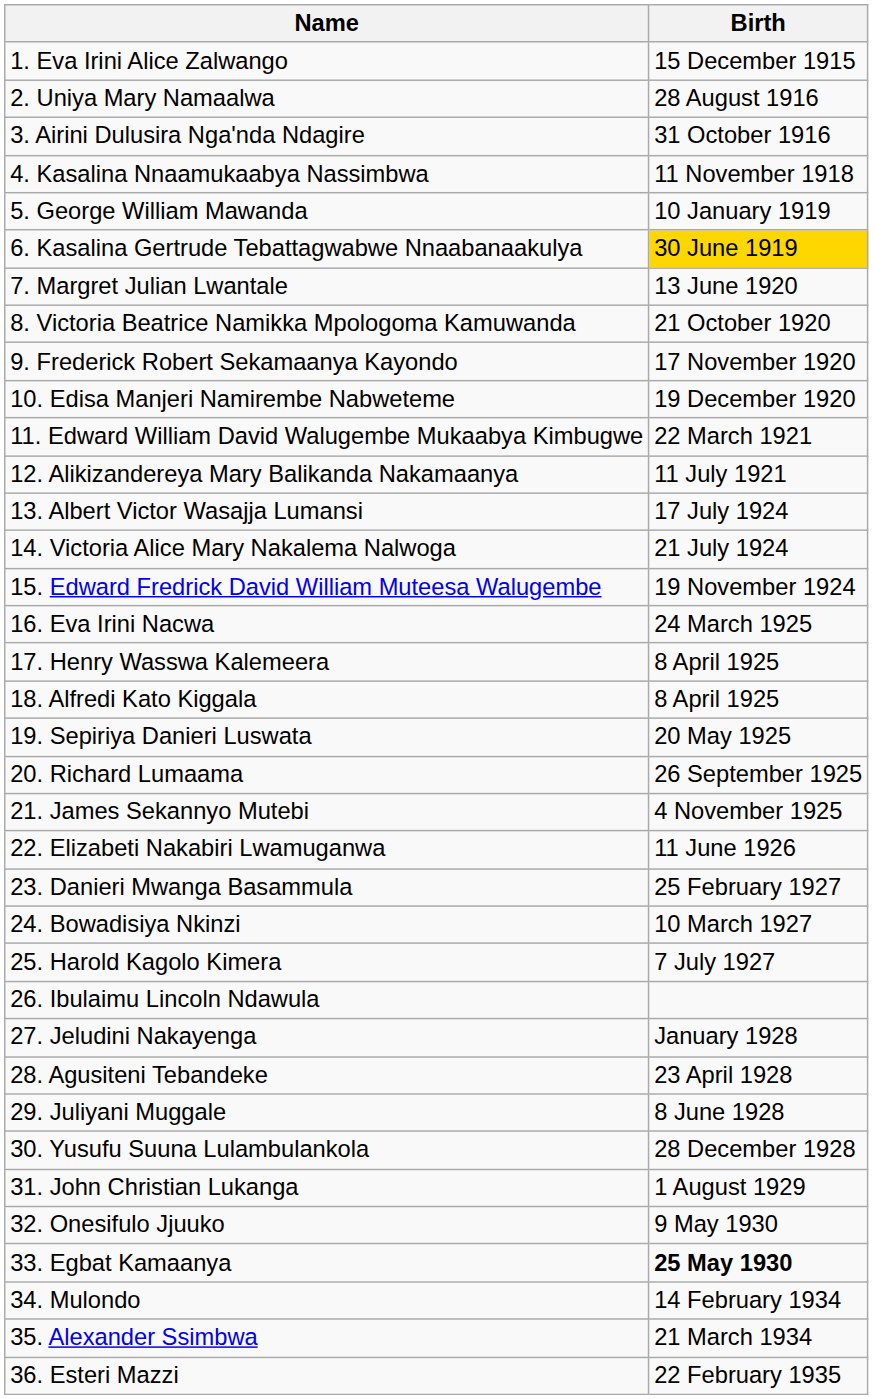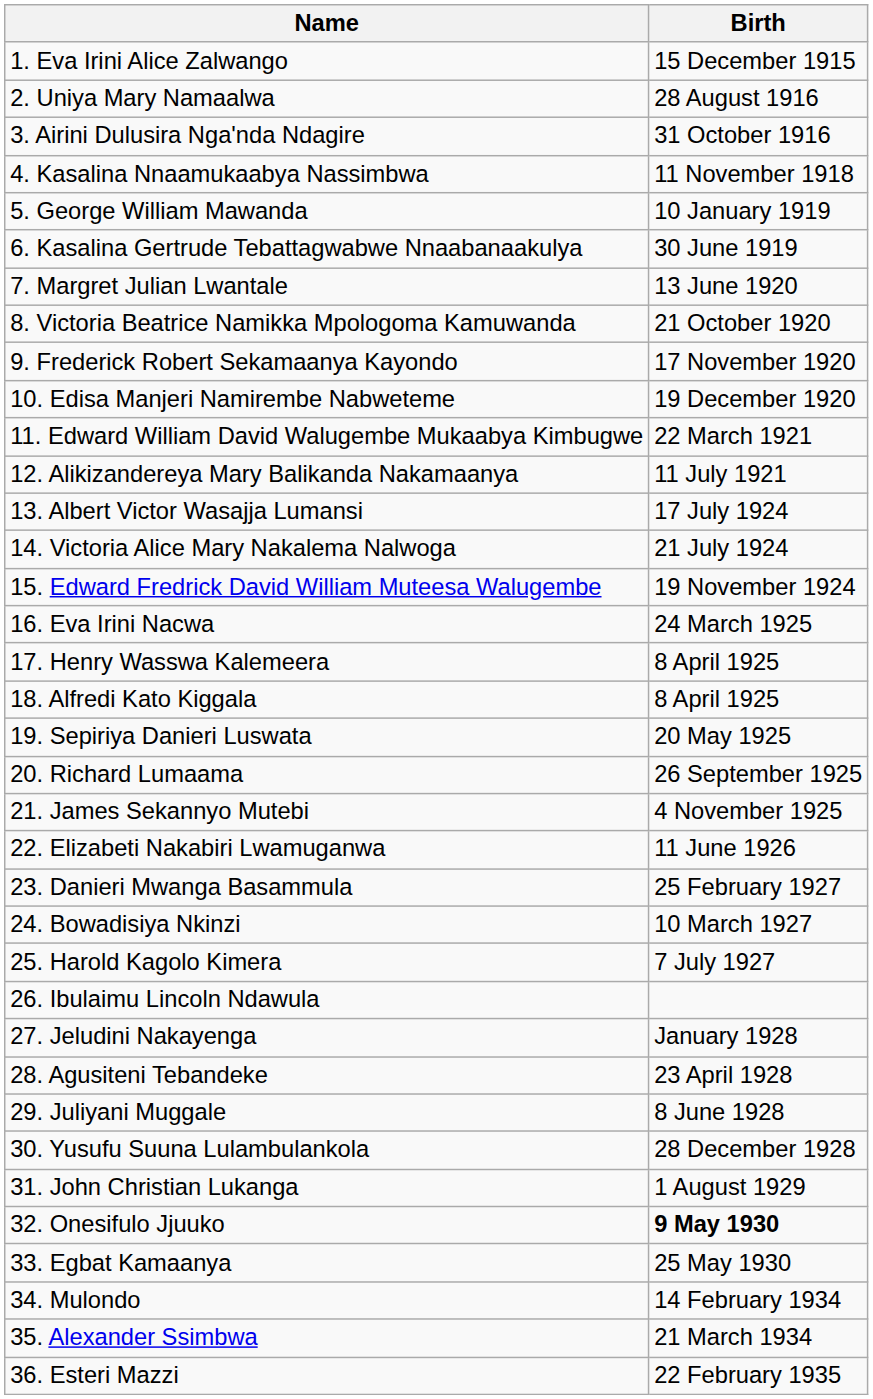 <table class="wikitable">
 <tr>
 <th>Name</th>
 <th>Birth</th>
 </tr>
 <tr>
 <td>1. Eva Irini Alice Zalwango</td>
 <td>15 December 1915</td>
 </tr>
 <tr>
 <td>2. Uniya Mary Namaalwa</td>
 <td>28 August 1916</td>
 </tr>
 <tr>
 <td>3. Airini Dulusira Nga'nda Ndagire</td>
 <td>31 October 1916</td>
 </tr>
 <tr>
 <td>4. Kasalina Nnaamukaabya Nassimbwa</td>
 <td>11 November 1918</td>
 </tr>
 <tr>
 <td>5. George William Mawanda</td>
 <td>10 January 1919</td>
 </tr>
 <tr>
 <td>6. Kasalina Gertrude Tebattagwabwe Nnaabanaakulya</td>
-<td style="background: gold;">30 June 1919</td>
+<td>30 June 1919</td>
 </tr>
 <tr>
 <td>7. Margret Julian Lwantale</td>
 <td>13 June 1920</td>
 </tr>
 <tr>
 <td>8. Victoria Beatrice Namikka Mpologoma Kamuwanda</td>
 <td>21 October 1920</td>
 </tr>
 <tr>
 <td>9. Frederick Robert Sekamaanya Kayondo</td>
 <td>17 November 1920</td>
 </tr>
 <tr>
 <td>10. Edisa Manjeri Namirembe Nabweteme</td>
 <td>19 December 1920</td>
 </tr>
 <tr>
 <td>11.  Edward William David Walugembe Mukaabya Kimbugwe</td>
 <td>22 March 1921</td>
 </tr>
 <tr>
 <td>12.  Alikizandereya Mary Balikanda Nakamaanya</td>
 <td>11 July 1921</td>
 </tr>
 <tr>
 <td>13. Albert Victor Wasajja Lumansi</td>
 <td>17 July 1924</td>
 </tr>
 <tr>
 <td>14. Victoria Alice Mary Nakalema Nalwoga</td>
 <td>21 July 1924</td>
 </tr>
 <tr>
 <td>15. <a href='#'>Edward Fredrick David William Muteesa Walugembe</a></td>
 <td>19 November 1924</td>
 </tr>
 <tr>
 <td>16. Eva Irini Nacwa</td>
 <td>24 March 1925</td>
 </tr>
 <tr>
 <td>17. Henry Wasswa Kalemeera</td>
 <td>8 April 1925</td>
 </tr>
 <tr>
 <td>18. Alfredi Kato Kiggala</td>
 <td>8 April 1925</td>
 </tr>
 <tr>
 <td>19. Sepiriya Danieri Luswata</td>
 <td>20 May 1925</td>
 </tr>
 <tr>
 <td>20. Richard Lumaama</td>
 <td>26 September 1925</td>
 </tr>
 <tr>
 <td>21. James Sekannyo Mutebi</td>
 <td>4 November 1925</td>
 </tr>
 <tr>
 <td>22. Elizabeti Nakabiri Lwamuganwa</td>
 <td>11 June 1926</td>
 </tr>
 <tr>
 <td>23. Danieri Mwanga Basammula</td>
 <td>25 February 1927</td>
 </tr>
 <tr>
 <td>24. Bowadisiya Nkinzi</td>
 <td>10 March 1927</td>
 </tr>
 <tr>
 <td>25. Harold Kagolo Kimera</td>
 <td>7 July 1927</td>
 </tr>
 <tr>
 <td>26. Ibulaimu Lincoln Ndawula</td>
 <td></td>
 </tr>
 <tr>
 <td>27.  Jeludini Nakayenga</td>
 <td>January 1928</td>
 </tr>
 <tr>
 <td>28.  Agusiteni Tebandeke</td>
 <td>23 April 1928</td>
 </tr>
 <tr>
 <td>29.  Juliyani Muggale</td>
 <td>8 June 1928</td>
 </tr>
 <tr>
 <td>30.  Yusufu Suuna Lulambulankola</td>
 <td>28 December 1928</td>
 </tr>
 <tr>
 <td>31.  John Christian Lukanga</td>
 <td>1 August 1929</td>
 </tr>
 <tr>
 <td>32.  Onesifulo Jjuuko</td>
-<td>9 May 1930</td>
+<td><strong>9 May 1930</strong></td>
 </tr>
 <tr>
 <td>33.  Egbat Kamaanya</td>
-<td><strong>25 May 1930</strong></td>
+<td>25 May 1930</td>
 </tr>
 <tr>
 <td>34.  Mulondo</td>
 <td>14 February 1934</td>
 </tr>
 <tr>
 <td>35. <a href='#'>Alexander Ssimbwa</a></td>
 <td>21 March 1934</td>
 </tr>
 <tr>
 <td>36.  Esteri Mazzi</td>
 <td>22 February 1935</td>
 </tr>
 </table>
